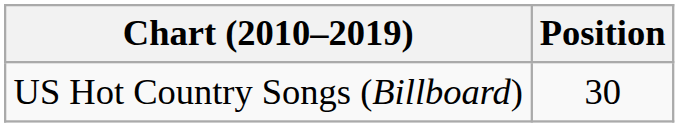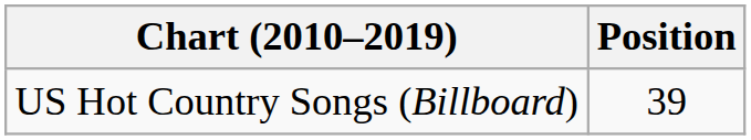 <table class="wikitable">
 <tr>
 <th>Chart (2010–2019)</th>
 <th>Position</th>
 </tr>
 <tr>
 <td>US Hot Country Songs (<em>Billboard</em>)</td>
-<td style="text-align:center;">30</td>
+<td style="text-align:center;">39</td>
 </tr>
 </table>
